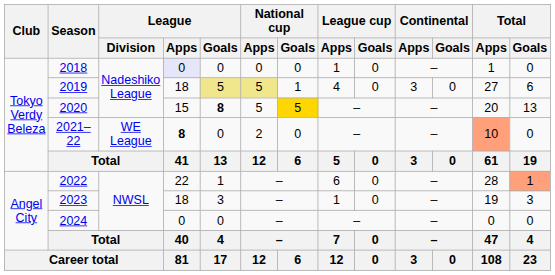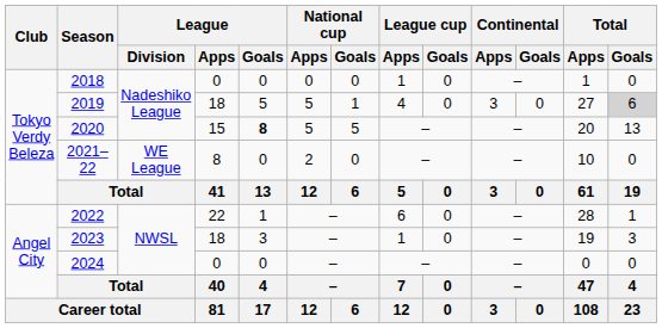 <table class="wikitable" style="text-align:center">
 <tr>
 <th rowspan="2">Club</th>
 <th rowspan="2">Season</th>
 <th colspan="3">League</th>
 <th colspan="2">National cup</th>
 <th colspan="2">League cup</th>
 <th colspan="2">Continental</th>
 <th colspan="2">Total</th>
 </tr>
 <tr>
 <th>Division</th>
 <th>Apps</th>
 <th>Goals</th>
 <th>Apps</th>
 <th>Goals</th>
 <th>Apps</th>
 <th>Goals</th>
 <th>Apps</th>
 <th>Goals</th>
 <th>Apps</th>
 <th>Goals</th>
 </tr>
 <tr>
 <td rowspan="5"><a href='#'>Tokyo Verdy Beleza</a></td>
 <td><a href='#'>2018</a></td>
 <td rowspan="3"><a href='#'>Nadeshiko League</a></td>
-<td style="background: lavender;">0</td>
+<td>0</td>
 <td>0</td>
 <td>0</td>
 <td>0</td>
 <td>1</td>
 <td>0</td>
 <td colspan="2">–</td>
 <td>1</td>
 <td>0</td>
 </tr>
 <tr>
 <td><a href='#'>2019</a></td>
 <td>18</td>
-<td style="background: khaki;">5</td>
-<td style="background: khaki;">5</td>
+<td>5</td>
+<td>5</td>
 <td>1</td>
 <td>4</td>
 <td>0</td>
 <td>3</td>
 <td>0</td>
 <td>27</td>
-<td>6</td>
+<td style="background: lightgrey;">6</td>
 </tr>
 <tr>
 <td><a href='#'>2020</a></td>
 <td>15</td>
 <td><strong>8</strong></td>
 <td>5</td>
-<td style="background: gold;">5</td>
+<td>5</td>
 <td colspan="2">–</td>
 <td colspan="2">–</td>
 <td>20</td>
 <td>13</td>
 </tr>
 <tr>
 <td><a href='#'>2021–22</a></td>
 <td><a href='#'>WE League</a></td>
-<td><strong>8</strong></td>
+<td>8</td>
 <td>0</td>
 <td>2</td>
 <td>0</td>
 <td colspan="2">–</td>
 <td colspan="2">–</td>
-<td style="background: lightsalmon;">10</td>
+<td>10</td>
 <td>0</td>
 </tr>
 <tr>
 <th colspan="2">Total</th>
 <th>41</th>
 <th>13</th>
 <th>12</th>
 <th>6</th>
 <th>5</th>
 <th>0</th>
 <th>3</th>
 <th>0</th>
 <th>61</th>
 <th>19</th>
 </tr>
 <tr>
 <td rowspan="4"><a href='#'>Angel City</a></td>
 <td><a href='#'>2022</a></td>
 <td rowspan="3"><a href='#'>NWSL</a></td>
 <td>22</td>
 <td>1</td>
 <td colspan="2">–</td>
 <td>6</td>
 <td>0</td>
 <td colspan="2">–</td>
 <td>28</td>
-<td style="background: lightsalmon;">1</td>
+<td>1</td>
 </tr>
 <tr>
 <td><a href='#'>2023</a></td>
 <td>18</td>
 <td>3</td>
 <td colspan="2">–</td>
 <td>1</td>
 <td>0</td>
 <td colspan="2">–</td>
 <td>19</td>
 <td>3</td>
 </tr>
 <tr>
 <td><a href='#'>2024</a></td>
 <td>0</td>
 <td>0</td>
 <td colspan="2">–</td>
 <td colspan="2">–</td>
 <td colspan="2">–</td>
 <td>0</td>
 <td>0</td>
 </tr>
 <tr>
 <th colspan="2">Total</th>
 <th>40</th>
 <th>4</th>
 <th colspan="2">–</th>
 <th>7</th>
 <th>0</th>
 <th colspan="2">–</th>
 <th>47</th>
 <th>4</th>
 </tr>
 <tr>
 <th colspan="3">Career total</th>
 <th>81</th>
 <th>17</th>
 <th>12</th>
 <th>6</th>
 <th>12</th>
 <th>0</th>
 <th>3</th>
 <th>0</th>
 <th>108</th>
 <th>23</th>
 </tr>
 </table>
